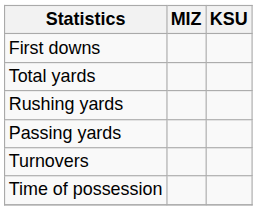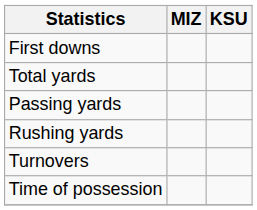 <table class="wikitable" style="float: left;">
 <tr>
 <th>Statistics</th>
 <th>MIZ</th>
 <th>KSU</th>
 </tr>
 <tr>
 <td>First downs</td>
 <td></td>
 <td></td>
 </tr>
 <tr>
 <td>Total yards</td>
 <td></td>
 <td></td>
 </tr>
 <tr>
-<td>Rushing yards</td>
+<td>Passing yards</td>
 <td></td>
 <td></td>
 </tr>
 <tr>
-<td>Passing yards</td>
+<td>Rushing yards</td>
 <td></td>
 <td></td>
 </tr>
 <tr>
 <td>Turnovers</td>
 <td></td>
 <td></td>
 </tr>
 <tr>
 <td>Time of possession</td>
 <td></td>
 <td></td>
 </tr>
 <tr>
 </tr>
 </table>
